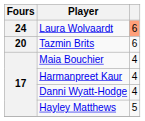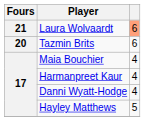 <table class="wikitable sortable" style="text-align:left;">
 <tr>
 <th scope=col>Fours</th>
 <th scope=col>Player</th>
 <th scope=col></th>
 </tr>
 <tr>
-<th>24</th>
+<th>21</th>
 <td> <a href='#'>Laura Wolvaardt</a></td>
 <td style="background: lightsalmon;">6</td>
 </tr>
 <tr>
 <th>20</th>
 <td> <a href='#'>Tazmin Brits</a></td>
 <td>6</td>
 </tr>
 <tr>
 <th rowspan=4>17</th>
 <td> <a href='#'>Maia Bouchier</a></td>
 <td>4</td>
 </tr>
 <tr>
 <td> <a href='#'>Harmanpreet Kaur</a></td>
 <td>4</td>
 </tr>
 <tr>
 <td> <a href='#'>Danni Wyatt-Hodge</a></td>
 <td>4</td>
 </tr>
 <tr>
 <td> <a href='#'>Hayley Matthews</a></td>
 <td>5</td>
 </tr>
 <tr>
 </tr>
 </table>
